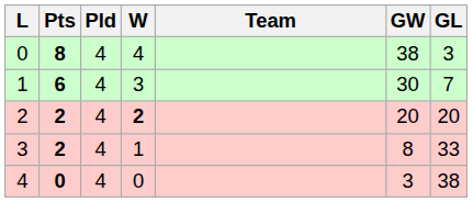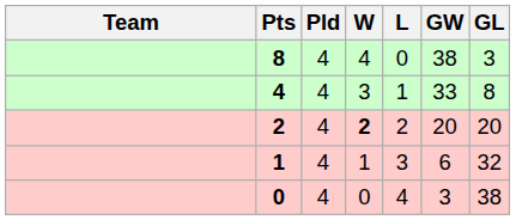 <table class=wikitable style="text-align:center">
 <tr>
-<th width=20>L</th>
+<th width=175>Team</th>
 <th width=20>Pts</th>
 <th width=20>Pld</th>
 <th width=20>W</th>
-<th width=175>Team</th>
+<th width=20>L</th>
 <th width=20>GW</th>
 <th width=20>GL</th>
 </tr>
 <tr bgcolor=ccffcc>
-<td>0</td>
+<td style="text-align:left"></td>
 <td><strong>8</strong></td>
 <td>4</td>
 <td>4</td>
-<td style="text-align:left"></td>
+<td>0</td>
 <td>38</td>
 <td>3</td>
 </tr>
 <tr bgcolor=ccffcc>
-<td>1</td>
-<td><strong>6</strong></td>
+<td style="text-align:left"></td>
+<td><strong>4</strong></td>
 <td>4</td>
 <td>3</td>
-<td style="text-align:left"></td>
-<td>30</td>
-<td>7</td>
+<td>1</td>
+<td>33</td>
+<td>8</td>
 </tr>
 <tr bgcolor=ffcccc>
-<td>2</td>
+<td style="text-align:left"></td>
 <td><strong>2</strong></td>
 <td>4</td>
 <td><strong>2</strong></td>
-<td style="text-align:left"></td>
+<td>2</td>
 <td>20</td>
 <td>20</td>
 </tr>
 <tr bgcolor=ffcccc>
-<td>3</td>
-<td><strong>2</strong></td>
+<td style="text-align:left"></td>
+<td><strong>1</strong></td>
 <td>4</td>
 <td>1</td>
-<td style="text-align:left"></td>
-<td>8</td>
-<td>33</td>
+<td>3</td>
+<td>6</td>
+<td>32</td>
 </tr>
 <tr bgcolor=ffcccc>
-<td>4</td>
+<td style="text-align:left"></td>
 <td><strong>0</strong></td>
 <td>4</td>
 <td>0</td>
-<td style="text-align:left"></td>
+<td>4</td>
 <td>3</td>
 <td>38</td>
 </tr>
 </table>
